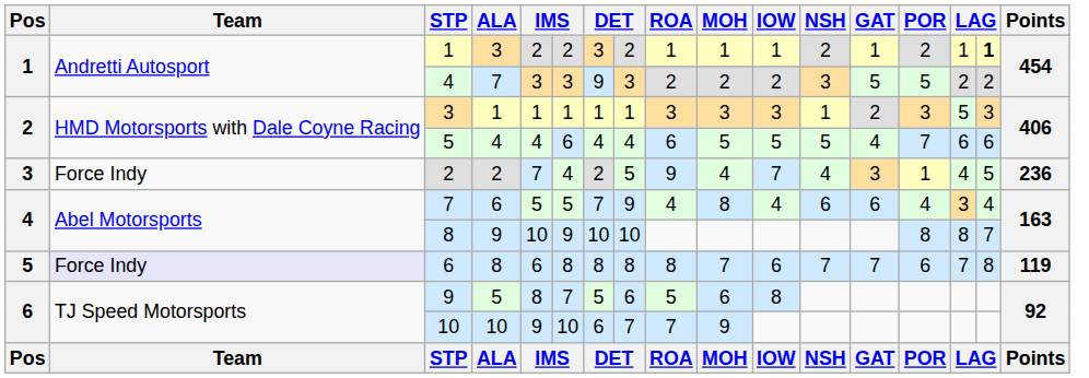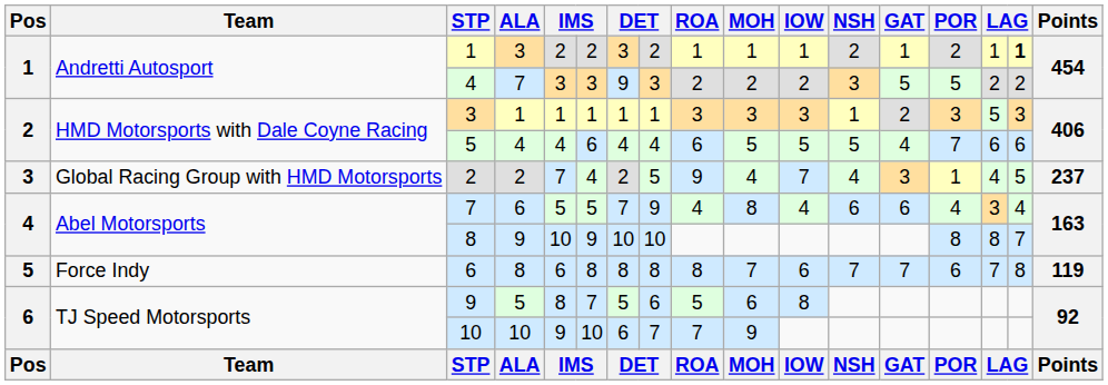 <table class="wikitable" style="font-size: 85%; text-align:center">
 <tr>
 <th>Pos</th>
 <th>Team</th>
 <th><a href='#'>STP</a></th>
 <th><a href='#'>ALA</a></th>
 <th colspan="2"><a href='#'>IMS</a></th>
 <th colspan="2"><a href='#'>DET</a></th>
 <th><a href='#'>ROA</a></th>
 <th><a href='#'>MOH</a></th>
 <th><a href='#'>IOW</a></th>
 <th><a href='#'>NSH</a></th>
 <th><a href='#'>GAT</a></th>
 <th><a href='#'>POR</a></th>
 <th colspan="2"><a href='#'>LAG</a></th>
 <th>Points</th>
 </tr>
 <tr>
 <th rowspan="2">1</th>
 <td rowspan="2" align="left"><a href='#'>Andretti Autosport</a></td>
 <td style="background:#FFFFBF;">1</td>
 <td style="background:#FFDF9F;">3</td>
 <td style="background:#DFDFDF;">2</td>
 <td style="background:#DFDFDF;">2</td>
 <td style="background:#FFDF9F;">3</td>
 <td style="background:#DFDFDF;">2</td>
 <td style="background:#FFFFBF;">1</td>
 <td style="background:#FFFFBF;">1</td>
 <td style="background:#FFFFBF;">1</td>
 <td style="background:#DFDFDF;">2</td>
 <td style="background:#FFFFBF;">1</td>
 <td style="background:#DFDFDF;">2</td>
 <td style="background:#FFFFBF;">1</td>
 <td style="background:#FFFFBF;"><strong>1</strong></td>
 <th rowspan="2">454</th>
 </tr>
 <tr>
 <td style="background:#DFFFDF;">4</td>
 <td style="background:#CFEAFF;">7</td>
 <td style="background:#FFDF9F;">3</td>
 <td style="background:#FFDF9F;">3</td>
 <td style="background:#CFEAFF;">9</td>
 <td style="background:#FFDF9F;">3</td>
 <td style="background:#DFDFDF;">2</td>
 <td style="background:#DFDFDF;">2</td>
 <td style="background:#DFDFDF;">2</td>
 <td style="background:#FFDF9F;">3</td>
 <td style="background:#DFFFDF;">5</td>
 <td style="background:#DFFFDF;">5</td>
 <td style="background:#DFDFDF;">2</td>
 <td style="background:#DFDFDF;">2</td>
 </tr>
 <tr>
 <th rowspan="2">2</th>
 <td rowspan="2" align="left"><a href='#'>HMD Motorsports</a> with <a href='#'>Dale Coyne Racing</a></td>
 <td style="background:#FFDF9F;">3</td>
 <td style="background:#FFFFBF;">1</td>
 <td style="background:#FFFFBF;">1</td>
 <td style="background:#FFFFBF;">1</td>
 <td style="background:#FFFFBF;">1</td>
 <td style="background:#FFFFBF;">1</td>
 <td style="background:#FFDF9F;">3</td>
 <td style="background:#FFDF9F;">3</td>
 <td style="background:#FFDF9F;">3</td>
 <td style="background:#FFFFBF;">1</td>
 <td style="background:#DFDFDF;">2</td>
 <td style="background:#FFDF9F;">3</td>
 <td style="background:#DFFFDF;">5</td>
 <td style="background:#FFDF9F;">3</td>
 <th rowspan="2">406</th>
 </tr>
 <tr>
 <td style="background:#DFFFDF;">5</td>
 <td style="background:#DFFFDF;">4</td>
 <td style="background:#DFFFDF;">4</td>
 <td style="background:#CFEAFF;">6</td>
 <td style="background:#DFFFDF;">4</td>
 <td style="background:#DFFFDF;">4</td>
 <td style="background:#CFEAFF;">6</td>
 <td style="background:#DFFFDF;">5</td>
 <td style="background:#DFFFDF;">5</td>
 <td style="background:#DFFFDF;">5</td>
 <td style="background:#DFFFDF;">4</td>
 <td style="background:#CFEAFF;">7</td>
 <td style="background:#CFEAFF;">6</td>
 <td style="background:#CFEAFF;">6</td>
 </tr>
 <tr>
 <th>3</th>
-<td align="left ">Force Indy</td>
+<td align="left">Global Racing Group with <a href='#'>HMD Motorsports</a></td>
 <td style="background:#DFDFDF;">2</td>
 <td style="background:#DFDFDF;">2</td>
 <td style="background:#CFEAFF;">7</td>
 <td style="background:#DFFFDF;">4</td>
 <td style="background:#DFDFDF;">2</td>
 <td style="background:#DFFFDF;">5</td>
 <td style="background:#CFEAFF;">9</td>
 <td style="background:#DFFFDF;">4</td>
 <td style="background:#CFEAFF;">7</td>
 <td style="background:#DFFFDF;">4</td>
 <td style="background:#FFDF9F;">3</td>
 <td style="background:#FFFFBF;">1</td>
 <td style="background:#DFFFDF;">4</td>
 <td style="background:#DFFFDF;">5</td>
-<th>236</th>
+<th>237</th>
 </tr>
 <tr>
 <th rowspan="2">4</th>
 <td rowspan="2" align="left"><a href='#'>Abel Motorsports</a></td>
 <td style="background:#CFEAFF;">7</td>
 <td style="background:#CFEAFF;">6</td>
 <td style="background:#DFFFDF;">5</td>
 <td style="background:#DFFFDF;">5</td>
 <td style="background:#CFEAFF;">7</td>
 <td style="background:#CFEAFF;">9</td>
 <td style="background:#DFFFDF;">4</td>
 <td style="background:#CFEAFF;">8</td>
 <td style="background:#DFFFDF;">4</td>
 <td style="background:#CFEAFF;">6</td>
 <td style="background:#CFEAFF;">6</td>
 <td style="background:#DFFFDF;">4</td>
 <td style="background:#FFDF9F;">3</td>
 <td style="background:#DFFFDF;">4</td>
 <th rowspan="2">163</th>
 </tr>
 <tr>
 <td style="background:#CFEAFF;">8</td>
 <td style="background:#CFEAFF;">9</td>
 <td style="background:#CFEAFF;">10</td>
 <td style="background:#CFEAFF;">9</td>
 <td style="background:#CFEAFF;">10</td>
 <td style="background:#CFEAFF;">10</td>
 <td></td>
 <td></td>
 <td></td>
 <td></td>
 <td></td>
 <td style="background:#CFEAFF;">8</td>
 <td style="background:#CFEAFF;">8</td>
 <td style="background:#CFEAFF;">7</td>
 </tr>
 <tr>
 <th>5</th>
-<td align="left " style="background: lavender;">Force Indy</td>
+<td align="left ">Force Indy</td>
 <td style="background:#CFEAFF;">6</td>
 <td style="background:#CFEAFF;">8</td>
 <td style="background:#CFEAFF;">6</td>
 <td style="background:#CFEAFF;">8</td>
 <td style="background:#CFEAFF;">8</td>
 <td style="background:#CFEAFF;">8</td>
 <td style="background:#CFEAFF;">8</td>
 <td style="background:#CFEAFF;">7</td>
 <td style="background:#CFEAFF;">6</td>
 <td style="background:#CFEAFF;">7</td>
 <td style="background:#CFEAFF;">7</td>
 <td style="background:#CFEAFF;">6</td>
 <td style="background:#CFEAFF;">7</td>
 <td style="background:#CFEAFF;">8</td>
 <th>119</th>
 </tr>
 <tr>
 <th rowspan="2">6</th>
 <td rowspan="2" align="left">TJ Speed Motorsports</td>
 <td style="background:#CFEAFF;">9</td>
 <td style="background:#DFFFDF;">5</td>
 <td style="background:#CFEAFF;">8</td>
 <td style="background:#CFEAFF;">7</td>
 <td style="background:#DFFFDF;">5</td>
 <td style="background:#CFEAFF;">6</td>
 <td style="background:#DFFFDF;">5</td>
 <td style="background:#CFEAFF;">6</td>
 <td style="background:#CFEAFF;">8</td>
 <td></td>
 <td></td>
 <td></td>
 <td></td>
 <td></td>
 <th rowspan="2">92</th>
 </tr>
 <tr>
 <td style="background:#CFEAFF;">10</td>
 <td style="background:#CFEAFF;">10</td>
 <td style="background:#CFEAFF;">9</td>
 <td style="background:#CFEAFF;">10</td>
 <td style="background:#CFEAFF;">6</td>
 <td style="background:#CFEAFF;">7</td>
 <td style="background:#CFEAFF;">7</td>
 <td style="background:#CFEAFF;">9</td>
 <td></td>
 <td></td>
 <td></td>
 <td></td>
 <td></td>
 <td></td>
 </tr>
 <tr>
 <th>Pos</th>
 <th>Team</th>
 <th><a href='#'>STP</a></th>
 <th><a href='#'>ALA</a></th>
 <th colspan="2"><a href='#'>IMS</a></th>
 <th colspan="2"><a href='#'>DET</a></th>
 <th><a href='#'>ROA</a></th>
 <th><a href='#'>MOH</a></th>
 <th><a href='#'>IOW</a></th>
 <th><a href='#'>NSH</a></th>
 <th><a href='#'>GAT</a></th>
 <th><a href='#'>POR</a></th>
 <th colspan="2"><a href='#'>LAG</a></th>
 <th>Points</th>
 </tr>
 </table>
